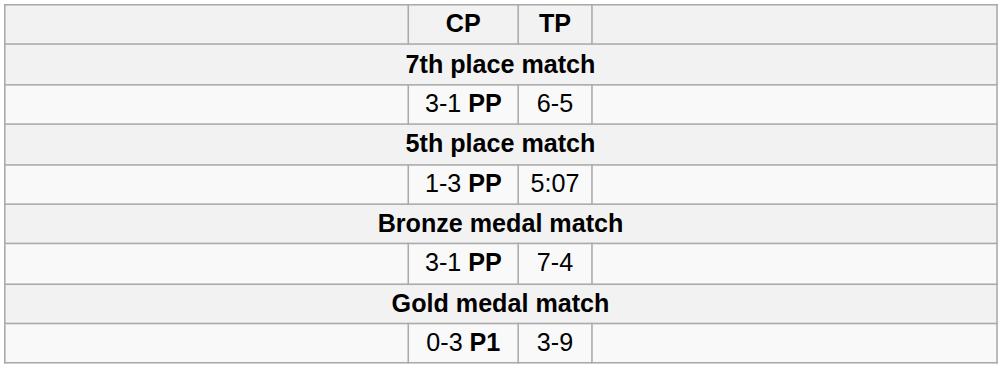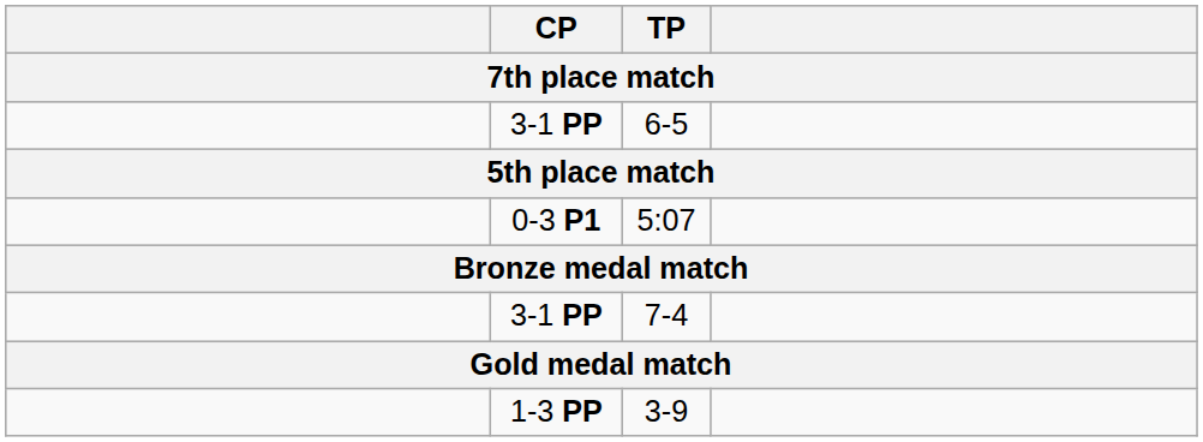 <table class="wikitable" style="text-align: center;" |>
 <tr>
 <th width="250"></th>
 <th width="62">CP</th>
 <th width="40">TP</th>
 <th width="250"></th>
 </tr>
 <tr>
 <th colspan="5">7th place match</th>
 </tr>
 <tr>
 <td style="text-align:left;"><strong></strong></td>
 <td>3-1 <strong>PP</strong></td>
 <td>6-5</td>
 <td style="text-align:left;"></td>
 </tr>
 <tr>
 <th colspan="5">5th place match</th>
 </tr>
 <tr>
 <td style="text-align:left;"></td>
-<td>1-3 <strong>PP</strong></td>
+<td>0-3 <strong>P1</strong></td>
 <td>5:07</td>
 <td style="text-align:left;"><strong></strong></td>
 </tr>
 <tr>
 <th colspan="5">Bronze medal match</th>
 </tr>
 <tr>
 <td style="text-align:left;"><strong></strong></td>
 <td>3-1 <strong>PP</strong></td>
 <td>7-4</td>
 <td style="text-align:left;"></td>
 </tr>
 <tr>
 <th colspan="5">Gold medal match</th>
 </tr>
 <tr>
 <td style="text-align:left;"></td>
-<td>0-3 <strong>P1</strong></td>
+<td>1-3 <strong>PP</strong></td>
 <td>3-9</td>
 <td style="text-align:left;"><strong></strong></td>
 </tr>
 </table>
